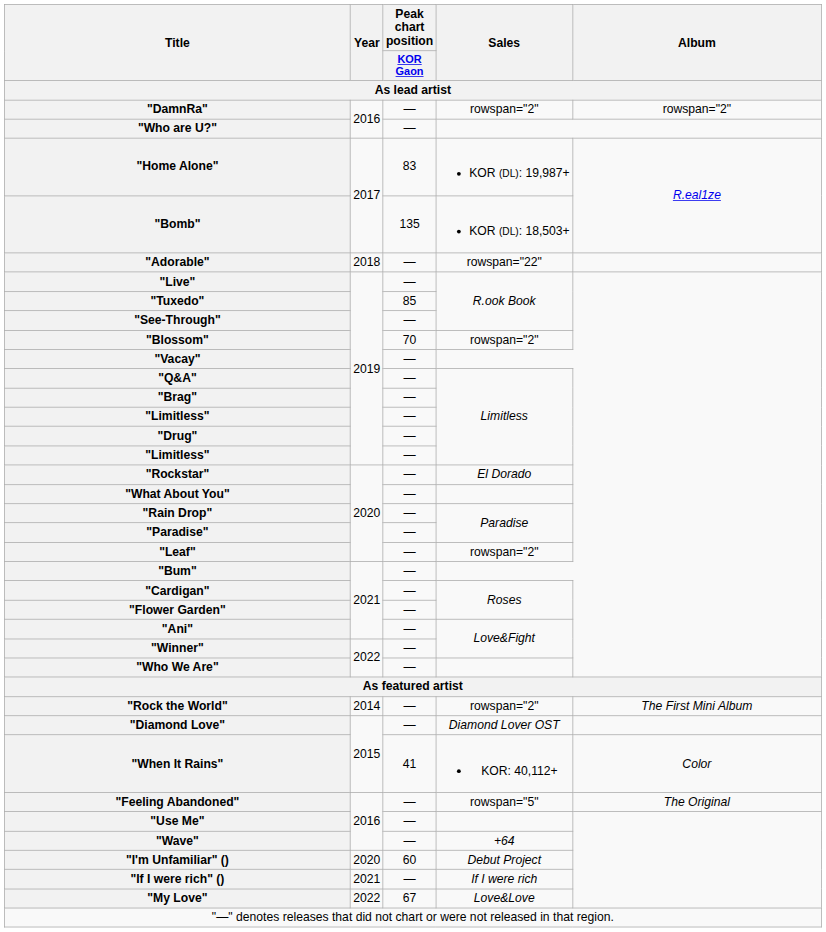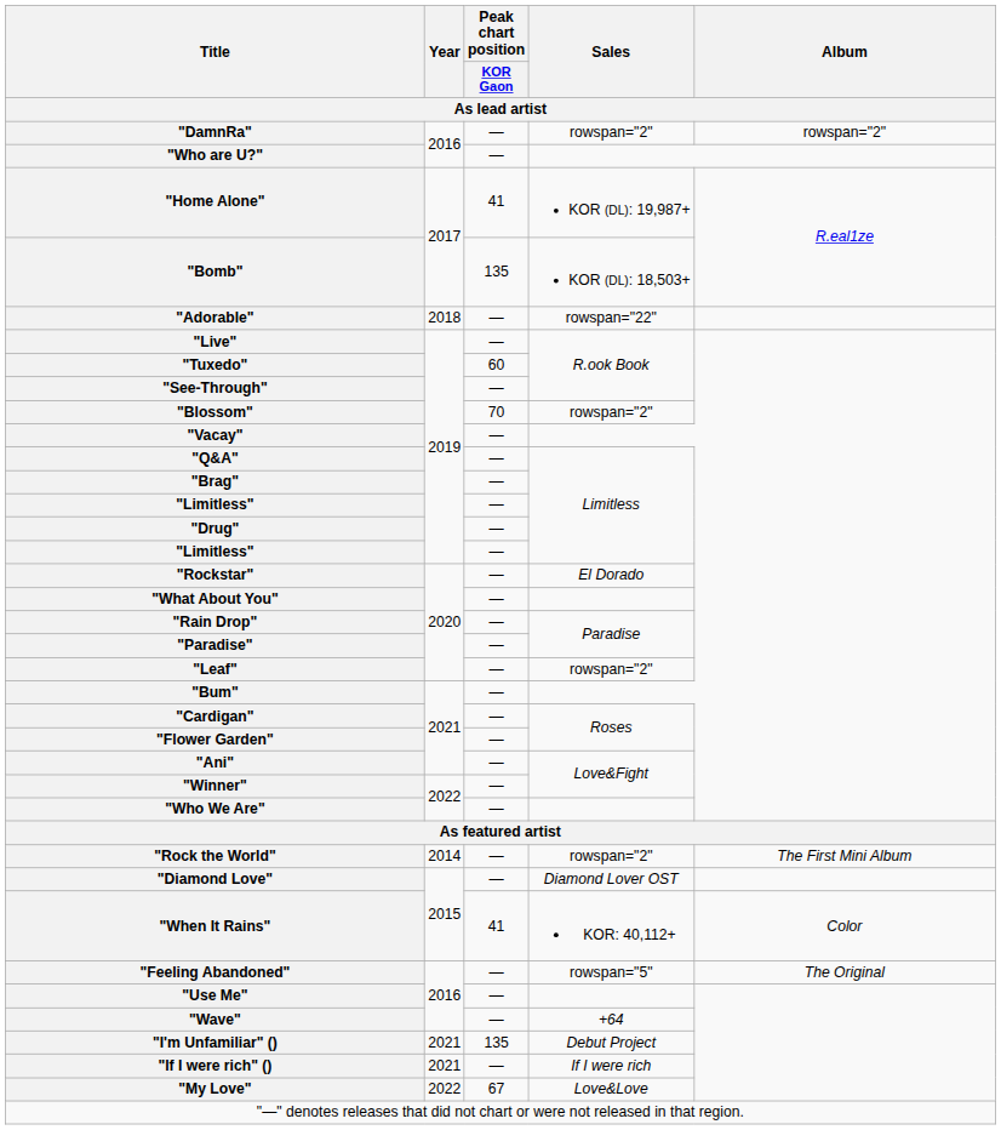 <table class="wikitable plainrowheaders" style="text-align:center">
 <tr>
 <th scope="col" rowspan="2" style="width:28em;">Title</th>
 <th scope="col" rowspan="2">Year</th>
 <th scope="col">Peak chart position</th>
 <th scope="col" rowspan="2">Sales</th>
 <th scope="col" rowspan="2" style="width:20em;">Album</th>
 </tr>
 <tr>
 <th style="width:3em;font-size:90%"><a href='#'>KOR<br>Gaon</a><br></th>
 </tr>
 <tr>
 <th colspan="5">As lead artist</th>
 </tr>
 <tr>
 <th scope="row">"DamnRa" </th>
 <td rowspan="2">2016</td>
 <td>—</td>
 <td>rowspan="2" </td>
 <td>rowspan="2" </td>
 </tr>
 <tr>
 <th scope="row">"Who are U?" </th>
 <td>—</td>
 </tr>
 <tr>
 <th scope="row">"Home Alone" </th>
 <td rowspan="2">2017</td>
-<td>83</td>
+<td>41</td>
 <td><br><ul><li>KOR <small>(DL)</small>: 19,987+</li></ul></td>
 <td rowspan="2"><em><a href='#'>R.eal1ze</a></em></td>
 </tr>
 <tr>
 <th scope="row">"Bomb" </th>
 <td>135</td>
 <td><br><ul><li>KOR <small>(DL)</small>: 18,503+</li></ul></td>
 </tr>
 <tr>
 <th scope="row">"Adorable" </th>
 <td>2018</td>
 <td>—</td>
 <td>rowspan="22" </td>
 <td></td>
 </tr>
 <tr>
 <th scope="row">"Live" </th>
 <td rowspan="10">2019</td>
 <td>—</td>
 <td rowspan="3"><em>R.ook Book</em></td>
 </tr>
 <tr>
 <th scope="row">"Tuxedo"</th>
-<td>85</td>
+<td>60</td>
 </tr>
 <tr>
 <th scope="row">"See-Through" </th>
 <td>—</td>
 </tr>
 <tr>
 <th scope="row">"Blossom"  </th>
 <td>70</td>
 <td>rowspan="2" </td>
 </tr>
 <tr>
 <th scope="row">"Vacay" </th>
 <td>—</td>
 </tr>
 <tr>
 <th scope="row">"Q&A" </th>
 <td>—</td>
 <td rowspan="5"><em>Limitless</em></td>
 </tr>
 <tr>
 <th scope="row">"Brag" </th>
 <td>—</td>
 </tr>
 <tr>
 <th scope="row">"Limitless" </th>
 <td>—</td>
 </tr>
 <tr>
 <th scope="row">"Drug" </th>
 <td>—</td>
 </tr>
 <tr>
 <th scope="row">"Limitless" </th>
 <td>—</td>
 </tr>
 <tr>
 <th scope="row">"Rockstar" </th>
 <td rowspan="5">2020</td>
 <td>—</td>
 <td><em>El Dorado</em></td>
 </tr>
 <tr>
 <th scope="row">"What About You" </th>
 <td>—</td>
 <td></td>
 </tr>
 <tr>
 <th scope="row">"Rain Drop" </th>
 <td>—</td>
 <td rowspan="2"><em>Paradise</em></td>
 </tr>
 <tr>
 <th scope="row">"Paradise" </th>
 <td>—</td>
 </tr>
 <tr>
 <th scope="row">"Leaf" </th>
 <td>—</td>
 <td>rowspan="2" </td>
 </tr>
 <tr>
 <th scope="row">"Bum" </th>
 <td rowspan="4">2021</td>
 <td>—</td>
 </tr>
 <tr>
 <th scope="row">"Cardigan" </th>
 <td>—</td>
 <td rowspan="2"><em>Roses</em></td>
 </tr>
 <tr>
 <th scope="row">"Flower Garden" </th>
 <td>—</td>
 </tr>
 <tr>
 <th scope="row">"Ani" </th>
 <td>—</td>
 <td rowspan="2"><em>Love&Fight</em></td>
 </tr>
 <tr>
 <th scope="row">"Winner" </th>
 <td rowspan="2">2022</td>
 <td>—</td>
 </tr>
 <tr>
 <th scope="row">"Who We Are" </th>
 <td>—</td>
 <td></td>
 </tr>
 <tr>
 <th colspan="5">As featured artist</th>
 </tr>
 <tr>
 <th scope="row">"Rock the World" </th>
 <td>2014</td>
 <td>—</td>
 <td>rowspan="2" </td>
 <td><em>The First Mini Album</em></td>
 </tr>
 <tr>
 <th scope="row">"Diamond Love" </th>
 <td rowspan="2">2015</td>
 <td>—</td>
 <td><em>Diamond Lover OST</em></td>
 </tr>
 <tr>
 <th scope="row">"When It Rains" </th>
 <td>41</td>
 <td><br><ul><li>KOR: 40,112+</li></ul></td>
 <td><em>Color</em></td>
 </tr>
 <tr>
 <th scope="row">"Feeling Abandoned"  </th>
 <td rowspan="3">2016</td>
 <td>—</td>
 <td>rowspan="5" </td>
 <td><em>The Original</em></td>
 </tr>
 <tr>
 <th scope="row">"Use Me"  </th>
 <td>—</td>
 <td></td>
 </tr>
 <tr>
 <th scope="row">"Wave" </th>
 <td>—</td>
 <td><em>+64</em><br></td>
 </tr>
 <tr>
 <th scope="row">"I'm Unfamiliar" () </th>
-<td>2020</td>
-<td>60</td>
+<td>2021</td>
+<td>135</td>
 <td><em>Debut Project</em></td>
 </tr>
 <tr>
 <th scope="row">"If I were rich" () </th>
 <td>2021</td>
 <td>—</td>
 <td><em>If I were rich</em></td>
 </tr>
 <tr>
 <th scope="row">"My Love" </th>
 <td>2022</td>
 <td>67</td>
 <td><em>Love&Love</em></td>
 </tr>
 <tr>
 <td align="center" colspan="6">"—" denotes releases that did not chart or were not released in that region.</td>
 </tr>
 </table>
